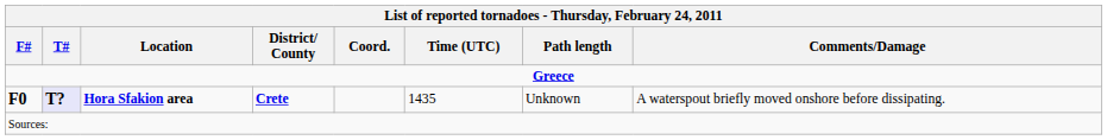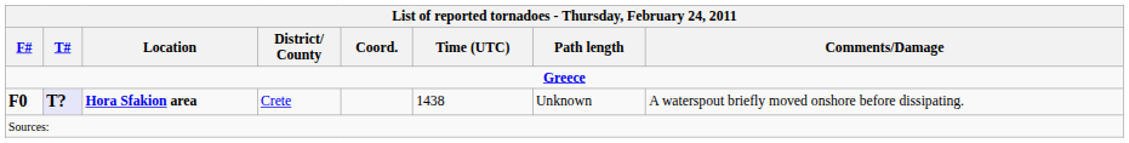 <table class="wikitable collapsible" width="100%">
 <tr>
 <th colspan="8">List of reported tornadoes - Thursday, February 24, 2011</th>
 </tr>
 <tr>
 <th><a href='#'>F#</a></th>
 <th><a href='#'>T#</a></th>
 <th>Location</th>
 <th>District/<br>County</th>
 <th>Coord.</th>
 <th>Time (UTC)</th>
 <th>Path length</th>
 <th>Comments/Damage</th>
 </tr>
 <tr>
 <td colspan="8" align=center><strong><a href='#'>Greece</a></strong></td>
 </tr>
 <tr>
 <td><big><strong>F0</strong></big></td>
 <td style="background: lavender;"><big><strong>T?</strong></big></td>
 <td><strong><a href='#'>Hora Sfakion</a> area</strong></td>
-<td><strong><a href='#'>Crete</a></strong></td>
+<td><a href='#'>Crete</a></td>
 <td></td>
-<td>1435</td>
+<td>1438</td>
 <td>Unknown</td>
 <td>A waterspout briefly moved onshore before dissipating.</td>
 </tr>
 <tr>
 <td colspan="8"><small>Sources:  </small></td>
 </tr>
 </table>
